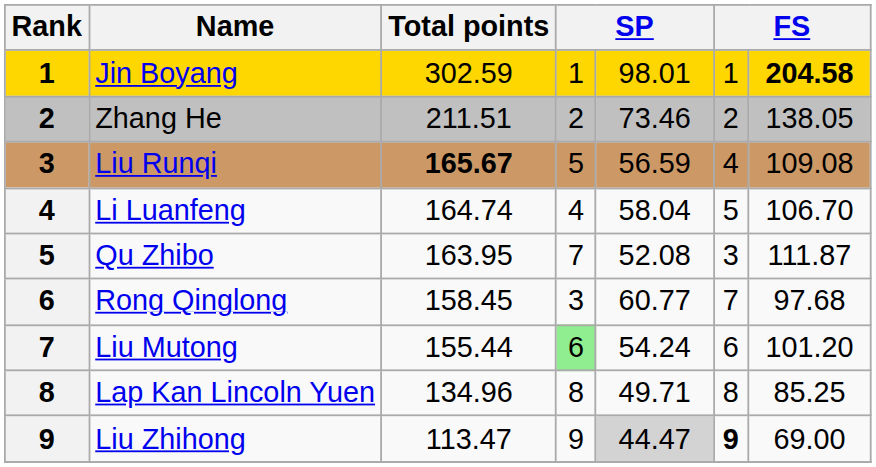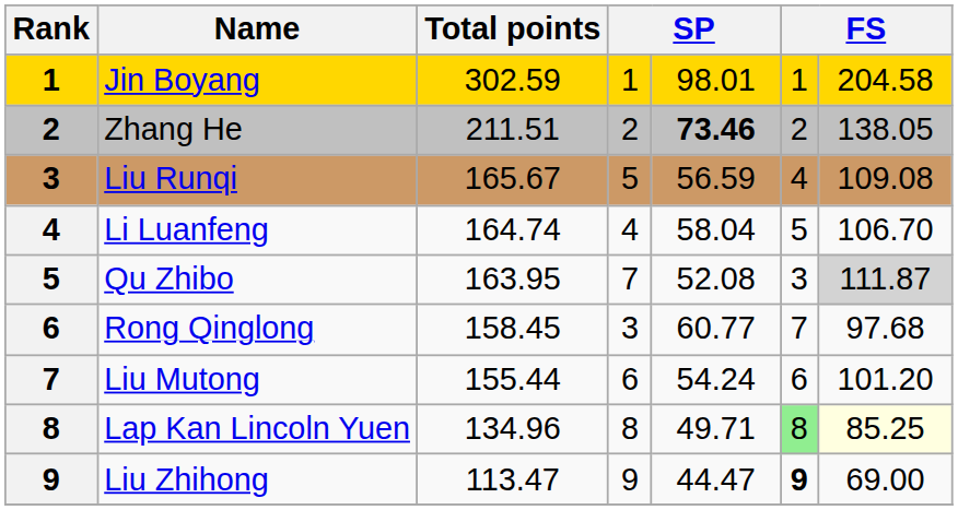 <table class="wikitable sortable">
 <tr>
 <th>Rank</th>
 <th>Name</th>
 <th>Total points</th>
 <th colspan="2" width="80px"><a href='#'>SP</a></th>
 <th colspan="2" width="80px"><a href='#'>FS</a></th>
 </tr>
 <tr bgcolor="gold">
 <td align="center"><strong>1</strong></td>
 <td><a href='#'>Jin Boyang</a></td>
 <td align="center">302.59</td>
 <td align="center">1</td>
 <td align="center">98.01</td>
 <td align="center">1</td>
-<td align="center"><strong>204.58</strong></td>
+<td align="center">204.58</td>
 </tr>
 <tr bgcolor="silver">
 <td align="center"><strong>2</strong></td>
 <td>Zhang He</td>
 <td align="center">211.51</td>
 <td align="center">2</td>
-<td align="center">73.46</td>
+<td align="center"><strong>73.46</strong></td>
 <td align="center">2</td>
 <td align="center">138.05</td>
 </tr>
 <tr bgcolor="cc9966">
 <td align="center"><strong>3</strong></td>
 <td><a href='#'>Liu Runqi</a></td>
-<td align="center"><strong>165.67</strong></td>
+<td align="center">165.67</td>
 <td align="center">5</td>
 <td align="center">56.59</td>
 <td align="center">4</td>
 <td align="center">109.08</td>
 </tr>
 <tr>
 <th>4</th>
 <td><a href='#'>Li Luanfeng</a></td>
 <td align="center">164.74</td>
 <td align="center">4</td>
 <td align="center">58.04</td>
 <td align="center">5</td>
 <td align="center">106.70</td>
 </tr>
 <tr>
 <th>5</th>
 <td><a href='#'>Qu Zhibo</a></td>
 <td align="center">163.95</td>
 <td align="center">7</td>
 <td align="center">52.08</td>
 <td align="center">3</td>
-<td align="center">111.87</td>
+<td align="center" style="background: lightgrey;">111.87</td>
 </tr>
 <tr>
 <th>6</th>
 <td><a href='#'>Rong Qinglong</a></td>
 <td align="center">158.45</td>
 <td align="center">3</td>
 <td align="center">60.77</td>
 <td align="center">7</td>
 <td align="center">97.68</td>
 </tr>
 <tr>
 <th>7</th>
 <td><a href='#'>Liu Mutong</a></td>
 <td align="center">155.44</td>
-<td align="center" style="background: lightgreen;">6</td>
+<td align="center">6</td>
 <td align="center">54.24</td>
 <td align="center">6</td>
 <td align="center">101.20</td>
 </tr>
 <tr>
 <th>8</th>
 <td><a href='#'>Lap Kan Lincoln Yuen</a></td>
 <td align="center">134.96</td>
 <td align="center">8</td>
 <td align="center">49.71</td>
-<td align="center">8</td>
-<td align="center">85.25</td>
+<td align="center" style="background: lightgreen;">8</td>
+<td align="center" style="background: lightyellow;">85.25</td>
 </tr>
 <tr>
 <th>9</th>
 <td><a href='#'>Liu Zhihong</a></td>
 <td align="center">113.47</td>
 <td align="center">9</td>
-<td align="center" style="background: lightgrey;">44.47</td>
+<td align="center">44.47</td>
 <td align="center"><strong>9</strong></td>
 <td align="center">69.00</td>
 </tr>
 <tr>
 </tr>
 </table>
